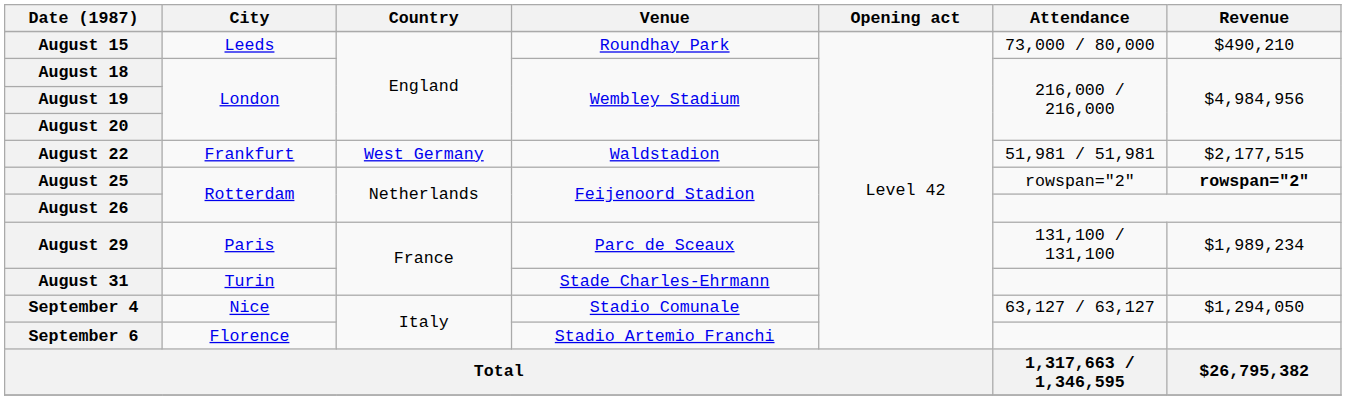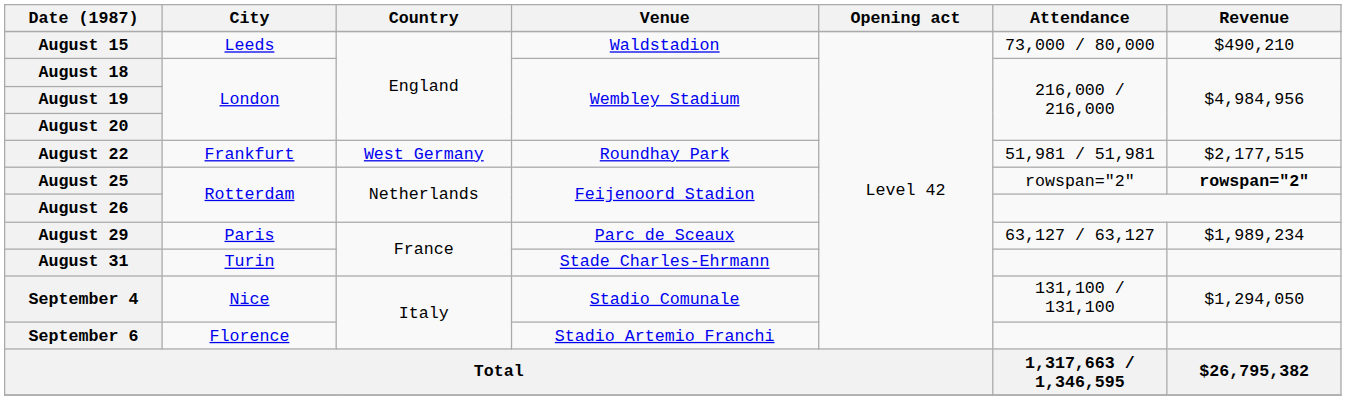 <table class="wikitable plainrowheaders" style="text-align:center;">
 <tr>
 <th scope="col" style="width:9em;">Date (1987)</th>
 <th scope="col" style="width:10em;">City</th>
 <th scope="col" style="width:10em;">Country</th>
 <th scope="col" style="width:18em;">Venue</th>
 <th scope="col" style="width:10em;">Opening act</th>
 <th scope="col" style="width:10em;">Attendance</th>
 <th scope="col" style="width:10em;">Revenue</th>
 </tr>
 <tr>
 </tr>
 <tr>
 <th scope="row" style="text-align:center;">August 15</th>
 <td><a href='#'>Leeds</a></td>
 <td rowspan="4">England</td>
-<td><a href='#'>Roundhay Park</a></td>
+<td><a href='#'>Waldstadion</a></td>
 <td rowspan="11">Level 42</td>
 <td>73,000 / 80,000</td>
 <td>$490,210</td>
 </tr>
 <tr>
 <th scope="row" style="text-align:center;">August 18</th>
 <td rowspan="3"><a href='#'>London</a></td>
 <td rowspan="3"><a href='#'>Wembley Stadium</a></td>
 <td rowspan="3">216,000 / 216,000</td>
 <td rowspan="3">$4,984,956</td>
 </tr>
 <tr>
 <th scope="row" style="text-align:center;">August 19</th>
 </tr>
 <tr>
 <th scope="row" style="text-align:center;">August 20</th>
 </tr>
 <tr>
 <th scope="row" style="text-align:center;">August 22</th>
 <td><a href='#'>Frankfurt</a></td>
 <td><a href='#'>West Germany</a></td>
-<td><a href='#'>Waldstadion</a></td>
+<td><a href='#'>Roundhay Park</a></td>
 <td>51,981 / 51,981</td>
 <td>$2,177,515</td>
 </tr>
 <tr>
 <th scope="row" style="text-align:center;">August 25</th>
 <td rowspan="2"><a href='#'>Rotterdam</a></td>
 <td rowspan="2">Netherlands</td>
 <td rowspan="2"><a href='#'>Feijenoord Stadion</a></td>
 <td>rowspan="2" </td>
 <td><strong>rowspan="2" </strong></td>
 </tr>
 <tr>
 <th scope="row" style="text-align:center;">August 26</th>
 </tr>
 <tr>
 <th scope="row" style="text-align:center;">August 29</th>
 <td><a href='#'>Paris</a></td>
 <td rowspan="2">France</td>
 <td><a href='#'>Parc de Sceaux</a></td>
-<td>131,100 / 131,100</td>
+<td>63,127 / 63,127</td>
 <td>$1,989,234</td>
 </tr>
 <tr>
 <th scope="row" style="text-align:center;">August 31</th>
 <td><a href='#'>Turin</a></td>
 <td><a href='#'>Stade Charles-Ehrmann</a></td>
 <td></td>
 <td></td>
 </tr>
 <tr>
 <th scope="row" style="text-align:center;">September 4</th>
 <td><a href='#'>Nice</a></td>
 <td rowspan="2">Italy</td>
 <td><a href='#'>Stadio Comunale</a></td>
-<td>63,127 / 63,127</td>
+<td>131,100 / 131,100</td>
 <td>$1,294,050</td>
 </tr>
 <tr>
 <th scope="row" style="text-align:center;">September 6</th>
 <td><a href='#'>Florence</a></td>
 <td><a href='#'>Stadio Artemio Franchi</a></td>
 <td></td>
 <td></td>
 </tr>
 <tr>
 <th colspan="5">Total</th>
 <th scope="row" style="text-align:center;"><strong>1,317,663 / 1,346,595</strong></th>
 <th scope="row" style="text-align:center;"><strong>$26,795,382</strong></th>
 </tr>
 <tr>
 </tr>
 </table>
